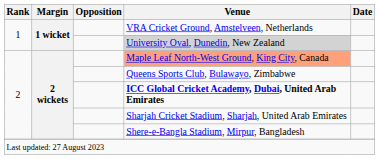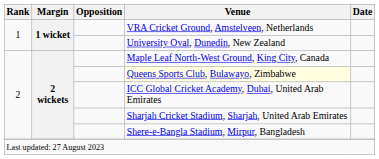 <table class="wikitable plainrowheaders sortable">
 <tr>
 <th scope=col>Rank</th>
 <th scope=col>Margin</th>
 <th scope=col>Opposition</th>
 <th scope=col>Venue</th>
 <th scope=col>Date</th>
 </tr>
 <tr>
 <td align=center rowspan=2>1</td>
 <th scope=row style=text-align:center; rowspan=2>1 wicket</th>
 <td></td>
 <td><a href='#'>VRA Cricket Ground</a>, <a href='#'>Amstelveen</a>, Netherlands</td>
 <td></td>
 </tr>
 <tr>
 <td></td>
-<td style="background: lightgrey;"><a href='#'>University Oval</a>, <a href='#'>Dunedin</a>, New Zealand</td>
+<td><a href='#'>University Oval</a>, <a href='#'>Dunedin</a>, New Zealand</td>
 <td> </td>
 </tr>
 <tr>
 <td align=center rowspan=5>2</td>
 <th scope=row style=text-align:center; rowspan=5>2 wickets</th>
 <td></td>
-<td style="background: lightsalmon;"><a href='#'>Maple Leaf North-West Ground</a>, <a href='#'>King City</a>, Canada</td>
+<td><a href='#'>Maple Leaf North-West Ground</a>, <a href='#'>King City</a>, Canada</td>
 <td></td>
 </tr>
 <tr>
 <td></td>
-<td><a href='#'>Queens Sports Club</a>, <a href='#'>Bulawayo</a>, Zimbabwe</td>
+<td style="background: lightyellow;"><a href='#'>Queens Sports Club</a>, <a href='#'>Bulawayo</a>, Zimbabwe</td>
 <td></td>
 </tr>
 <tr>
 <td></td>
-<td><strong><a href='#'>ICC Global Cricket Academy</a>, <a href='#'>Dubai</a>, United Arab Emirates</strong></td>
+<td><a href='#'>ICC Global Cricket Academy</a>, <a href='#'>Dubai</a>, United Arab Emirates</td>
 <td></td>
 </tr>
 <tr>
 <td></td>
 <td><a href='#'>Sharjah Cricket Stadium</a>, <a href='#'>Sharjah</a>, United Arab Emirates</td>
 <td></td>
 </tr>
 <tr>
 <td></td>
 <td><a href='#'>Shere-e-Bangla Stadium</a>, <a href='#'>Mirpur</a>, Bangladesh</td>
 <td></td>
 </tr>
 <tr>
 </tr>
 <tr class=sortbottom>
 <td colspan=6><small>Last updated: 27 August 2023</small></td>
 </tr>
 </table>
